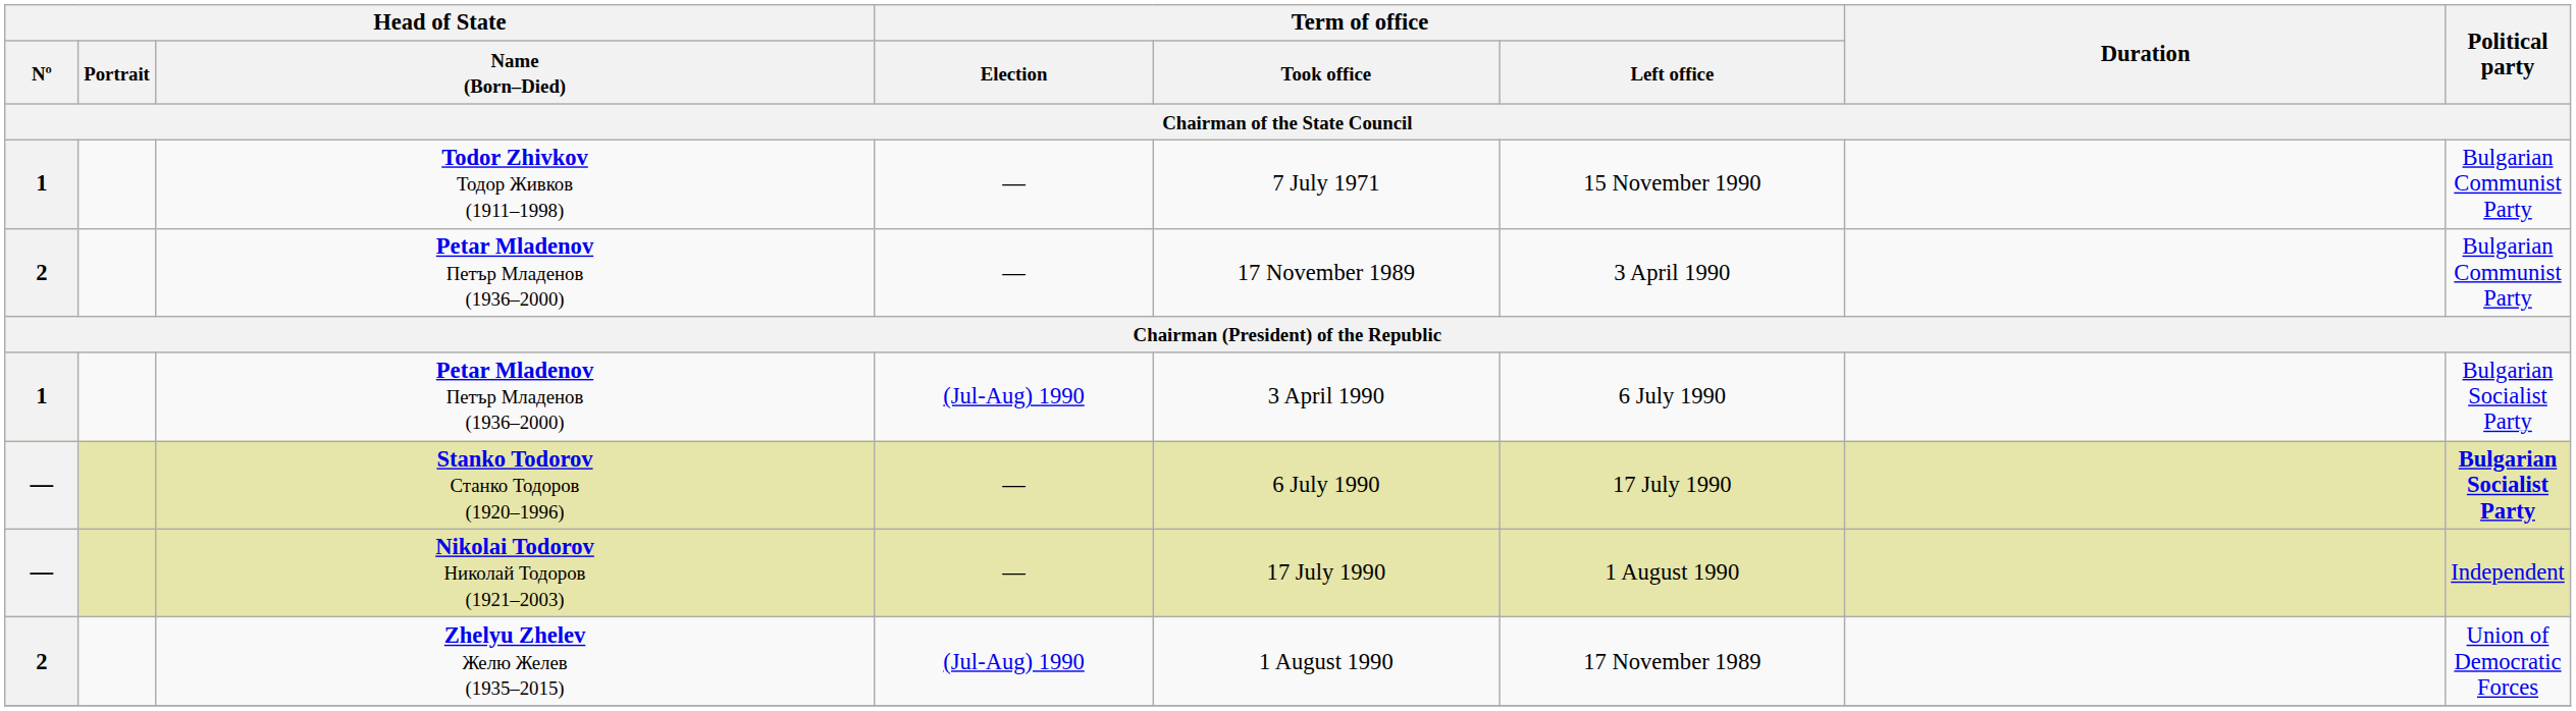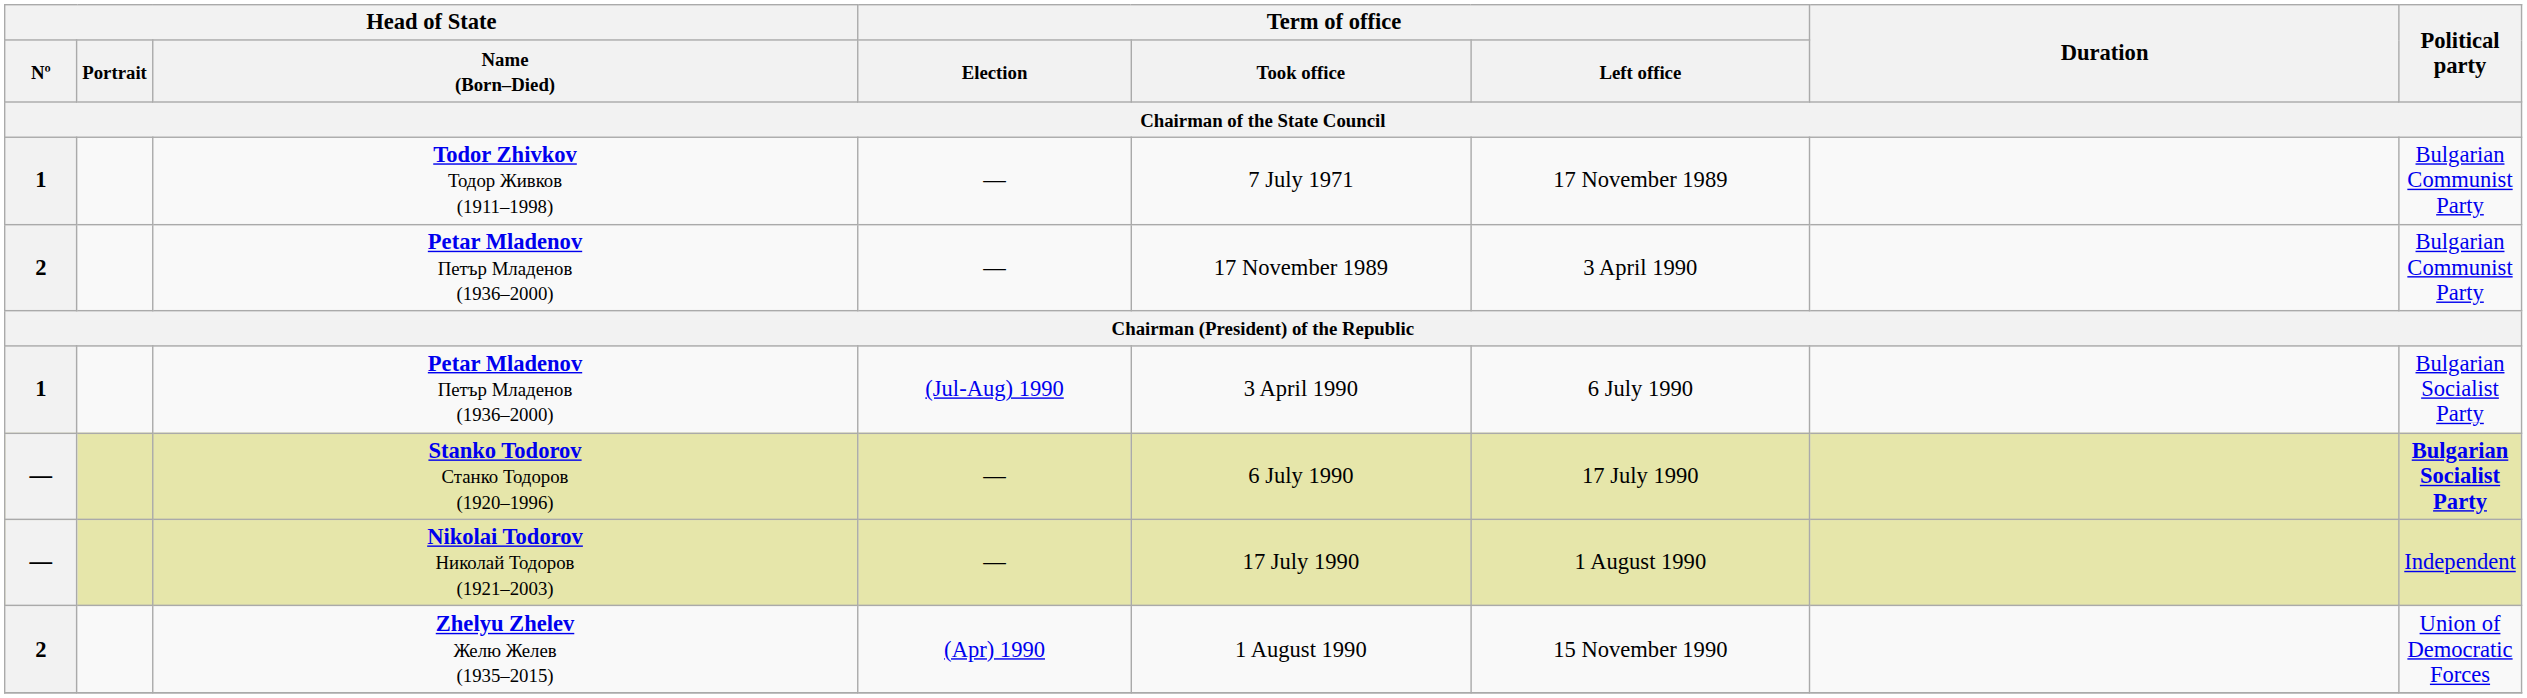 <table class="wikitable" style="text-align:center; width:90%">
 <tr>
 <th width=35% colspan=3>Head of State</th>
 <th width=40% colspan=3>Term of office</th>
 <th width=25% rowspan=2>Duration</th>
 <th width=25% rowspan=2>Political party</th>
 </tr>
 <tr>
 <th width=3%><small>Nº</small></th>
 <th><small>Portrait</small></th>
 <th width=30%><small>Name<br>(Born–Died)</small></th>
 <th><small>Election</small></th>
 <th><small>Took office</small></th>
 <th><small>Left office</small></th>
 </tr>
 <tr>
 <th colspan=8><small>Chairman of the State Council</small></th>
 </tr>
 <tr>
 <th style="background:">1</th>
 <td></td>
 <td><strong><a href='#'>Todor Zhivkov</a></strong><br><small>Тодор Живков<br>(1911–1998)</small></td>
 <td>—</td>
 <td>7 July 1971</td>
-<td>15 November 1990</td>
+<td>17 November 1989</td>
 <td></td>
 <td><a href='#'>Bulgarian Communist Party</a></td>
 </tr>
 <tr>
 <th style="background:">2</th>
 <td></td>
 <td><strong><a href='#'>Petar Mladenov</a></strong><br><small>Петър Младенов<br>(1936–2000)</small></td>
 <td>—</td>
 <td>17 November 1989</td>
 <td>3 April 1990</td>
 <td></td>
 <td><a href='#'>Bulgarian Communist Party</a></td>
 </tr>
 <tr>
 <th colspan=8><small>Chairman (President) of the Republic</small></th>
 </tr>
 <tr>
 <th style="background:">1</th>
 <td></td>
 <td><strong><a href='#'>Petar Mladenov</a></strong><br><small>Петър Младенов<br>(1936–2000)</small></td>
 <td><a href='#'>(Jul-Aug) 1990</a></td>
 <td>3 April 1990</td>
 <td>6 July 1990</td>
 <td></td>
 <td><a href='#'>Bulgarian Socialist Party</a></td>
 </tr>
 <tr style="background:#e6e6aa;">
 <th style="background:">—</th>
 <td></td>
 <td><strong><a href='#'>Stanko Todorov</a></strong><br><small>Станко Тодоров<br>(1920–1996)</small></td>
 <td>—</td>
 <td>6 July 1990</td>
 <td>17 July 1990</td>
 <td></td>
 <td><strong><a href='#'>Bulgarian Socialist Party</a></strong></td>
 </tr>
 <tr style="background:#e6e6aa;">
 <th style="background:">—</th>
 <td></td>
 <td><strong><a href='#'>Nikolai Todorov</a></strong><br><small>Николай Тодоров<br>(1921–2003)</small></td>
 <td>—</td>
 <td>17 July 1990</td>
 <td>1 August 1990</td>
 <td></td>
 <td><a href='#'>Independent</a></td>
 </tr>
 <tr>
 <th style="background:">2</th>
 <td></td>
 <td><strong><a href='#'>Zhelyu Zhelev</a></strong><br><small>Желю Желев<br>(1935–2015)</small></td>
-<td><a href='#'>(Jul-Aug) 1990</a></td>
+<td><a href='#'>(Apr) 1990</a></td>
 <td>1 August 1990</td>
-<td>17 November 1989</td>
+<td>15 November 1990</td>
 <td></td>
 <td><a href='#'>Union of Democratic Forces</a></td>
 </tr>
 <tr>
 </tr>
 </table>
